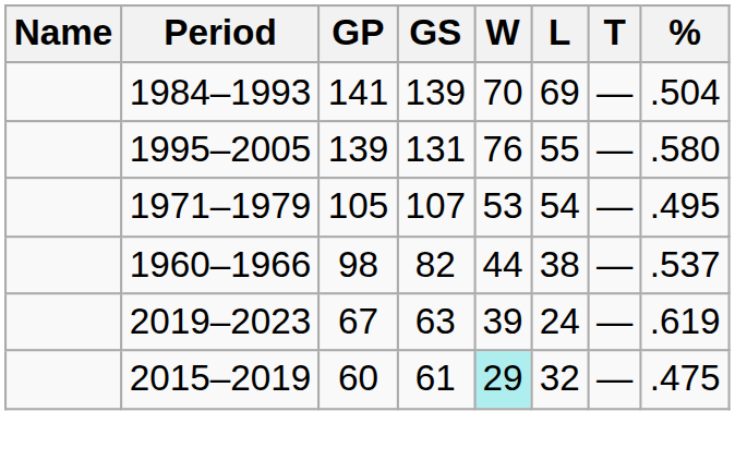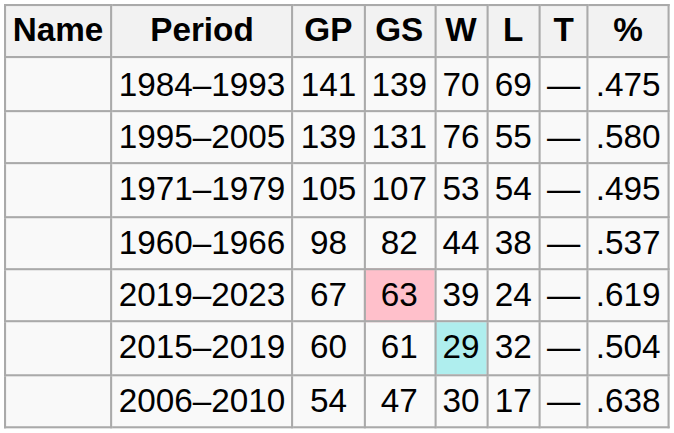 <table class="wikitable sortable" style="text-align:center">
 <tr>
 <th scope="col">Name</th>
 <th scope="col">Period</th>
 <th scope="col">GP</th>
 <th scope="col">GS</th>
 <th scope="col">W</th>
 <th scope="col">L</th>
 <th scope="col">T</th>
 <th scope="col">%</th>
 </tr>
 <tr>
 <td></td>
 <td>1984–1993</td>
 <td>141</td>
 <td>139</td>
 <td>70</td>
 <td>69</td>
 <td>—</td>
-<td>.504</td>
+<td>.475</td>
 </tr>
 <tr>
 <td></td>
 <td>1995–2005</td>
 <td>139</td>
 <td>131</td>
 <td>76</td>
 <td>55</td>
 <td>—</td>
 <td>.580</td>
 </tr>
 <tr>
 <td></td>
 <td>1971–1979</td>
 <td>105</td>
 <td>107</td>
 <td>53</td>
 <td>54</td>
 <td>—</td>
 <td>.495</td>
 </tr>
 <tr>
 <td></td>
 <td>1960–1966</td>
 <td>98</td>
 <td>82</td>
 <td>44</td>
 <td>38</td>
 <td>—</td>
 <td>.537</td>
 </tr>
 <tr>
 <td></td>
 <td>2019–2023</td>
 <td>67</td>
-<td>63</td>
+<td style="background: pink;">63</td>
 <td>39</td>
 <td>24</td>
 <td>—</td>
 <td>.619</td>
 </tr>
 <tr>
 <td></td>
 <td>2015–2019</td>
 <td>60</td>
 <td>61</td>
 <td style="background: paleturquoise;">29</td>
 <td>32</td>
 <td>—</td>
-<td>.475</td>
+<td>.504</td>
+</tr>
+<tr>
+<td></td>
+<td>2006–2010</td>
+<td>54</td>
+<td>47</td>
+<td>30</td>
+<td>17</td>
+<td>—</td>
+<td>.638</td>
 </tr>
 </table>
